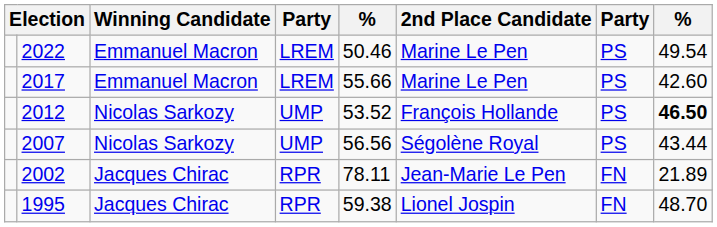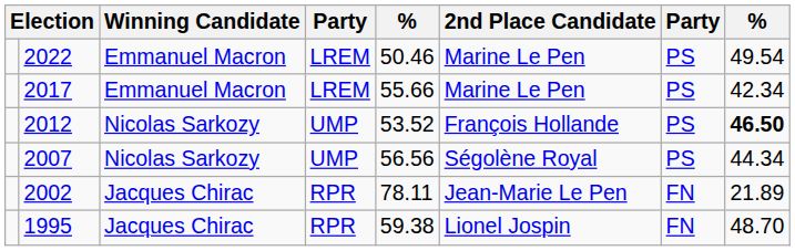 <table class="wikitable">
 <tr>
 <th colspan="2">Election</th>
 <th>Winning Candidate</th>
 <th>Party</th>
 <th>%</th>
 <th>2nd Place Candidate</th>
 <th>Party</th>
 <th>%</th>
 </tr>
 <tr>
 <td style="background-color: "></td>
 <td><a href='#'>2022</a></td>
 <td><a href='#'>Emmanuel Macron</a></td>
 <td><a href='#'>LREM</a></td>
 <td>50.46</td>
 <td><a href='#'>Marine Le Pen</a></td>
 <td><a href='#'>PS</a></td>
 <td>49.54</td>
 </tr>
 <tr>
 <td style="background-color: "></td>
 <td><a href='#'>2017</a></td>
 <td><a href='#'>Emmanuel Macron</a></td>
 <td><a href='#'>LREM</a></td>
 <td>55.66</td>
 <td><a href='#'>Marine Le Pen</a></td>
 <td><a href='#'>PS</a></td>
-<td>42.60</td>
+<td>42.34</td>
 </tr>
 <tr>
 <td style="background-color: "></td>
 <td><a href='#'>2012</a></td>
 <td><a href='#'>Nicolas Sarkozy</a></td>
 <td><a href='#'>UMP</a></td>
 <td>53.52</td>
 <td><a href='#'>François Hollande</a></td>
 <td><a href='#'>PS</a></td>
 <td><strong>46.50</strong></td>
 </tr>
 <tr>
 <td style="background-color: "></td>
 <td><a href='#'>2007</a></td>
 <td><a href='#'>Nicolas Sarkozy</a></td>
 <td><a href='#'>UMP</a></td>
 <td>56.56</td>
 <td><a href='#'>Ségolène Royal</a></td>
 <td><a href='#'>PS</a></td>
-<td>43.44</td>
+<td>44.34</td>
 </tr>
 <tr>
 <td style="background-color: "></td>
 <td><a href='#'>2002</a></td>
 <td><a href='#'>Jacques Chirac</a></td>
 <td><a href='#'>RPR</a></td>
 <td>78.11</td>
 <td><a href='#'>Jean-Marie Le Pen</a></td>
 <td><a href='#'>FN</a></td>
 <td>21.89</td>
 </tr>
 <tr>
 <td style="background-color: "></td>
 <td><a href='#'>1995</a></td>
 <td><a href='#'>Jacques Chirac</a></td>
 <td><a href='#'>RPR</a></td>
 <td>59.38</td>
 <td><a href='#'>Lionel Jospin</a></td>
 <td><a href='#'>FN</a></td>
 <td>48.70</td>
 </tr>
 </table>
